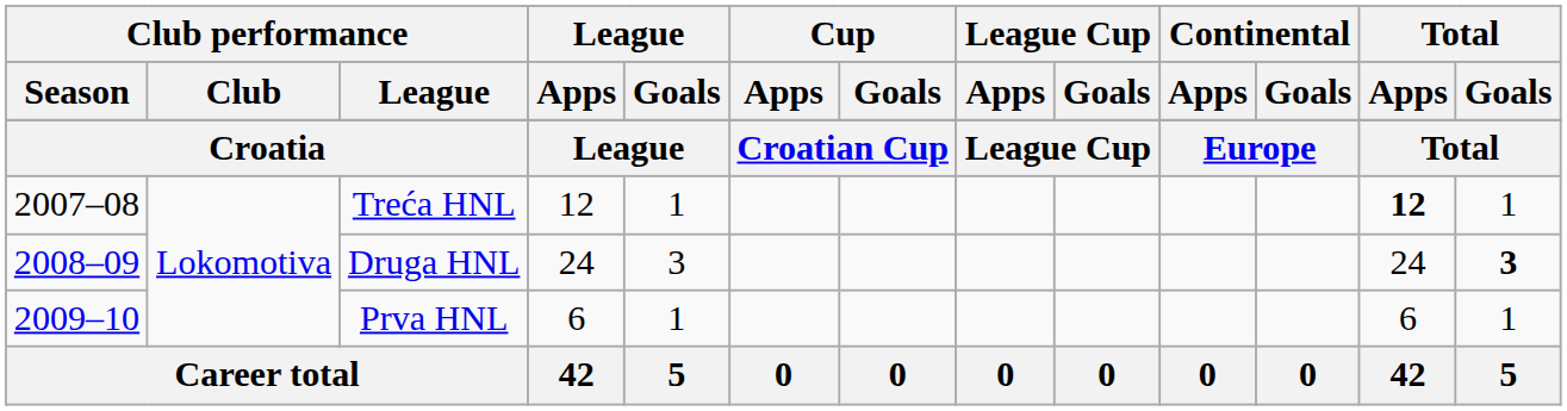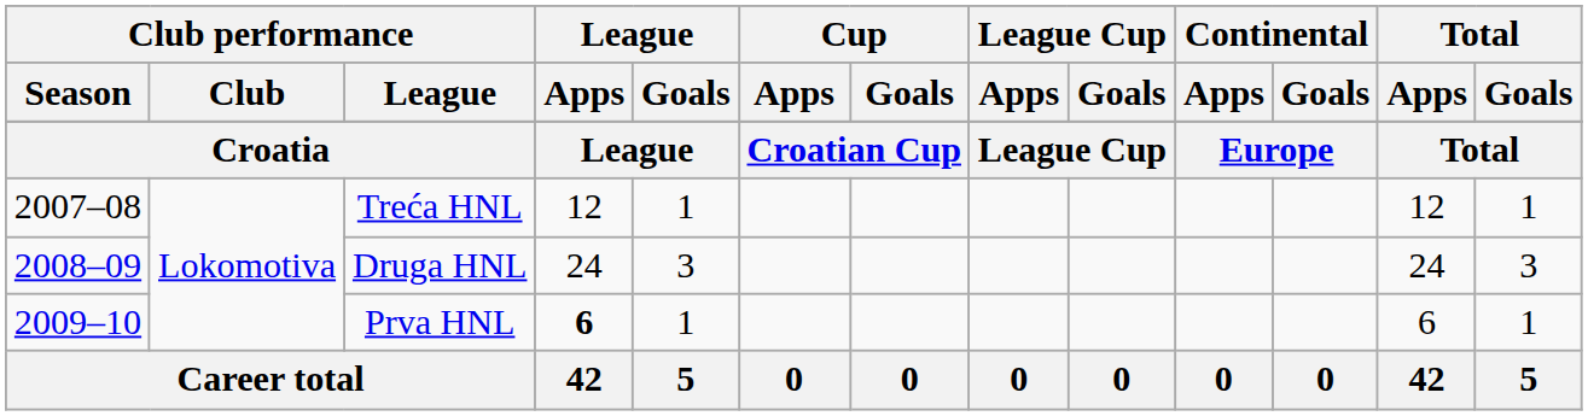 <table class="wikitable" style="text-align:center">
 <tr>
 <th colspan=3>Club performance</th>
 <th colspan=2>League</th>
 <th colspan=2>Cup</th>
 <th colspan=2>League Cup</th>
 <th colspan=2>Continental</th>
 <th colspan=2>Total</th>
 </tr>
 <tr>
 <th>Season</th>
 <th>Club</th>
 <th>League</th>
 <th>Apps</th>
 <th>Goals</th>
 <th>Apps</th>
 <th>Goals</th>
 <th>Apps</th>
 <th>Goals</th>
 <th>Apps</th>
 <th>Goals</th>
 <th>Apps</th>
 <th>Goals</th>
 </tr>
 <tr>
 </tr>
 <tr>
 <th colspan=3>Croatia</th>
 <th colspan=2>League</th>
 <th colspan=2><a href='#'>Croatian Cup</a></th>
 <th colspan=2>League Cup</th>
 <th colspan=2><a href='#'>Europe</a></th>
 <th colspan=2>Total</th>
 </tr>
 <tr>
 <td>2007–08</td>
 <td rowspan="3"><a href='#'>Lokomotiva</a></td>
 <td><a href='#'>Treća HNL</a></td>
 <td>12</td>
 <td>1</td>
 <td></td>
 <td></td>
 <td></td>
 <td></td>
 <td></td>
 <td></td>
-<td><strong>12</strong></td>
+<td>12</td>
 <td>1</td>
 </tr>
 <tr>
 <td><a href='#'>2008–09</a></td>
 <td><a href='#'>Druga HNL</a></td>
 <td>24</td>
 <td>3</td>
 <td></td>
 <td></td>
 <td></td>
 <td></td>
 <td></td>
 <td></td>
 <td>24</td>
-<td><strong>3</strong></td>
+<td>3</td>
 </tr>
 <tr>
 <td><a href='#'>2009–10</a></td>
 <td><a href='#'>Prva HNL</a></td>
-<td>6</td>
+<td><strong>6</strong></td>
 <td>1</td>
 <td></td>
 <td></td>
 <td></td>
 <td></td>
 <td></td>
 <td></td>
 <td>6</td>
 <td>1</td>
 </tr>
 <tr>
 <th colspan=3>Career total</th>
 <th>42</th>
 <th>5</th>
 <th>0</th>
 <th>0</th>
 <th>0</th>
 <th>0</th>
 <th>0</th>
 <th>0</th>
 <th>42</th>
 <th>5</th>
 </tr>
 </table>
